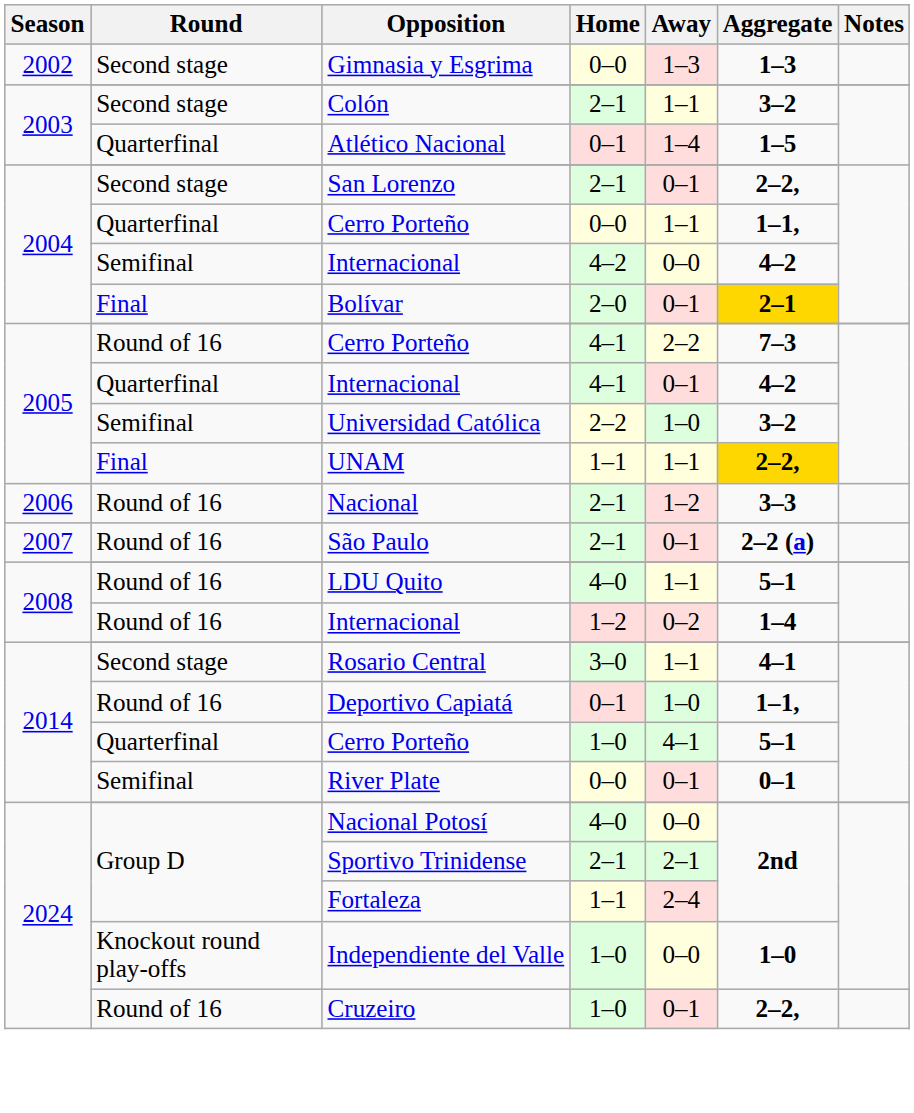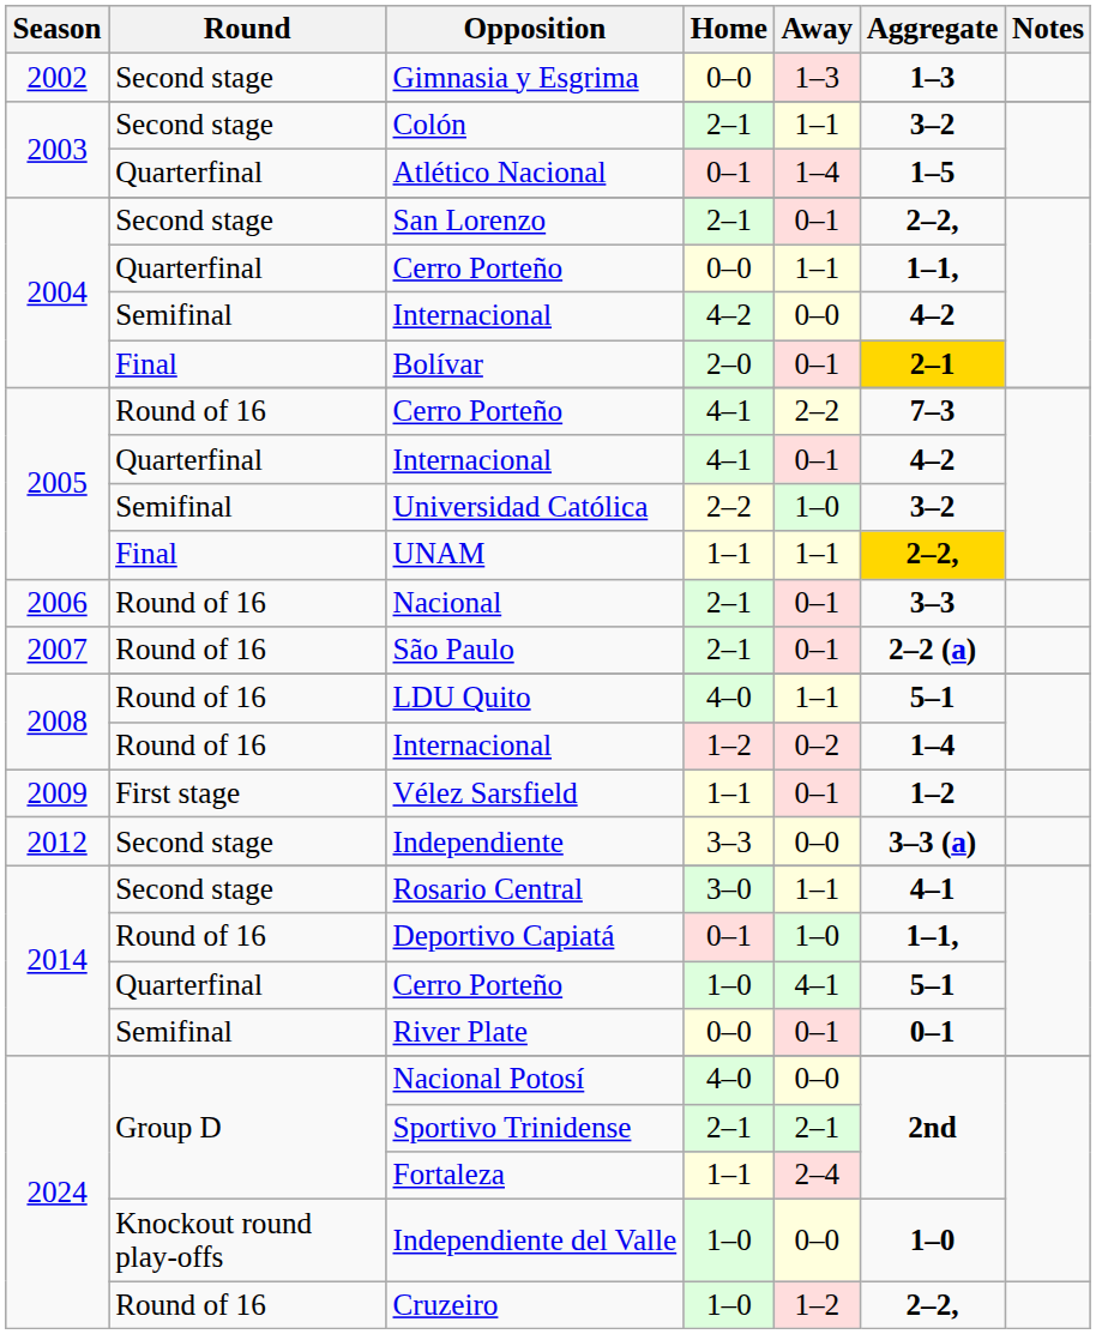 <table class="wikitable sortable ">
 <tr>
 <th align=center>Season</th>
 <th width=140>Round</th>
 <th>Opposition</th>
 <th>Home</th>
 <th>Away</th>
 <th>Aggregate</th>
 <th>Notes</th>
 </tr>
 <tr>
 <td align=center><a href='#'>2002</a></td>
 <td>Second stage</td>
 <td> <a href='#'>Gimnasia y Esgrima</a></td>
 <td style="text-align:center; background:#ffd;">0–0</td>
 <td style="text-align:center; background:#fdd;">1–3</td>
 <td style="text-align:center;"><strong>1–3</strong></td>
 <td style="text-align:center;"></td>
 </tr>
 <tr>
 <td align=center rowspan=3><a href='#'>2003</a></td>
 </tr>
 <tr>
 <td>Second stage</td>
 <td> <a href='#'>Colón</a></td>
 <td style="text-align:center; background:#dfd;">2–1</td>
 <td style="text-align:center; background:#ffd;">1–1</td>
 <td style="text-align:center;"><strong>3–2</strong></td>
 <td rowspan=3 style="text-align:center;"></td>
 </tr>
 <tr>
 <td>Quarterfinal</td>
 <td> <a href='#'>Atlético Nacional</a></td>
 <td style="text-align:center; background:#fdd;">0–1</td>
 <td style="text-align:center; background:#fdd;">1–4</td>
 <td style="text-align:center;"><strong>1–5</strong></td>
 </tr>
 <tr>
 <td align=center rowspan=5><a href='#'>2004</a></td>
 </tr>
 <tr>
 <td>Second stage</td>
 <td> <a href='#'>San Lorenzo</a></td>
 <td style="text-align:center; background:#dfd;">2–1</td>
 <td style="text-align:center; background:#fdd;">0–1</td>
 <td style="text-align:center;"><strong>2–2, </strong></td>
 <td rowspan=4 style="text-align:center;"></td>
 </tr>
 <tr>
 <td>Quarterfinal</td>
 <td> <a href='#'>Cerro Porteño</a></td>
 <td style="text-align:center; background:#ffd;">0–0</td>
 <td style="text-align:center; background:#ffd;">1–1</td>
 <td style="text-align:center;"><strong>1–1, </strong></td>
 </tr>
 <tr>
 <td>Semifinal</td>
 <td> <a href='#'>Internacional</a></td>
 <td style="text-align:center; background:#dfd;">4–2</td>
 <td style="text-align:center; background:#ffd;">0–0</td>
 <td style="text-align:center;"><strong>4–2</strong></td>
 </tr>
 <tr>
 <td><a href='#'>Final</a></td>
 <td> <a href='#'>Bolívar</a></td>
 <td style="text-align:center; background:#dfd;">2–0</td>
 <td style="text-align:center; background:#fdd;">0–1</td>
 <td style="text-align:center;" bgcolor="gold"><strong>2–1</strong></td>
 </tr>
 <tr>
 <td align=center rowspan=5><a href='#'>2005</a></td>
 </tr>
 <tr>
 <td>Round of 16</td>
 <td> <a href='#'>Cerro Porteño</a></td>
 <td style="text-align:center; background:#dfd;">4–1</td>
 <td style="text-align:center; background:#ffd;">2–2</td>
 <td style="text-align:center;"><strong>7–3</strong></td>
 <td rowspan=4 style="text-align:center;"></td>
 </tr>
 <tr>
 <td>Quarterfinal</td>
 <td> <a href='#'>Internacional</a></td>
 <td style="text-align:center; background:#dfd;">4–1</td>
 <td style="text-align:center; background:#fdd;">0–1</td>
 <td style="text-align:center;"><strong>4–2</strong></td>
 </tr>
 <tr>
 <td>Semifinal</td>
 <td> <a href='#'>Universidad Católica</a></td>
 <td style="text-align:center; background:#ffd;">2–2</td>
 <td style="text-align:center; background:#dfd;">1–0</td>
 <td style="text-align:center;"><strong>3–2</strong></td>
 </tr>
 <tr>
 <td><a href='#'>Final</a></td>
 <td> <a href='#'>UNAM</a></td>
 <td style="text-align:center; background:#ffd;">1–1</td>
 <td style="text-align:center; background:#ffd;">1–1</td>
 <td style="text-align:center;" bgcolor="gold"><strong>2–2, </strong></td>
 </tr>
 <tr>
 <td align=center><a href='#'>2006</a></td>
 <td>Round of 16</td>
 <td> <a href='#'>Nacional</a></td>
 <td style="text-align:center; background:#dfd;">2–1</td>
-<td style="text-align:center; background:#fdd;">1–2</td>
+<td style="text-align:center; background:#fdd;">0–1</td>
 <td style="text-align:center;"><strong>3–3 </strong></td>
 <td style="text-align:center;"></td>
 </tr>
 <tr>
 <td align=center><a href='#'>2007</a></td>
 <td>Round of 16</td>
 <td> <a href='#'>São Paulo</a></td>
 <td style="text-align:center; background:#dfd;">2–1</td>
 <td style="text-align:center; background:#fdd;">0–1</td>
 <td style="text-align:center;"><strong>2–2 (<a href='#'>a</a>)</strong></td>
 <td style="text-align:center;"></td>
 </tr>
 <tr>
 <td align=center rowspan=3><a href='#'>2008</a></td>
 </tr>
 <tr>
 <td>Round of 16</td>
 <td> <a href='#'>LDU Quito</a></td>
 <td style="text-align:center; background:#dfd;">4–0</td>
 <td style="text-align:center; background:#ffd;">1–1</td>
 <td style="text-align:center;"><strong>5–1</strong></td>
 <td rowspan=2 style="text-align:center;"></td>
 </tr>
 <tr>
 <td>Round of 16</td>
 <td> <a href='#'>Internacional</a></td>
 <td style="text-align:center; background:#fdd;">1–2</td>
 <td style="text-align:center; background:#fdd;">0–2</td>
 <td style="text-align:center;"><strong>1–4</strong></td>
+</tr>
+<tr>
+<td align=center><a href='#'>2009</a></td>
+<td>First stage</td>
+<td> <a href='#'>Vélez Sarsfield</a></td>
+<td style="text-align:center; background:#ffd;">1–1</td>
+<td style="text-align:center; background:#fdd;">0–1</td>
+<td style="text-align:center;"><strong>1–2</strong></td>
+<td style="text-align:center;"></td>
+</tr>
+<tr>
+<td align=center><a href='#'>2012</a></td>
+<td>Second stage</td>
+<td> <a href='#'>Independiente</a></td>
+<td style="text-align:center; background:#ffd;">3–3</td>
+<td style="text-align:center; background:#ffd;">0–0</td>
+<td style="text-align:center;"><strong>3–3 (<a href='#'>a</a>)</strong></td>
+<td style="text-align:center;"></td>
 </tr>
 <tr>
 <td align=center rowspan=5><a href='#'>2014</a></td>
 </tr>
 <tr>
 <td>Second stage</td>
 <td> <a href='#'>Rosario Central</a></td>
 <td style="text-align:center; background:#dfd;">3–0</td>
 <td style="text-align:center; background:#ffd;">1–1</td>
 <td style="text-align:center;"><strong>4–1</strong></td>
 <td rowspan=4 style="text-align:center;"></td>
 </tr>
 <tr>
 <td>Round of 16</td>
 <td> <a href='#'>Deportivo Capiatá</a></td>
 <td style="text-align:center; background:#fdd;">0–1</td>
 <td style="text-align:center; background:#dfd;">1–0</td>
 <td style="text-align:center;"><strong>1–1, </strong></td>
 </tr>
 <tr>
 <td>Quarterfinal</td>
 <td> <a href='#'>Cerro Porteño</a></td>
 <td style="text-align:center; background:#dfd;">1–0</td>
 <td style="text-align:center; background:#dfd;">4–1</td>
 <td style="text-align:center;"><strong>5–1</strong></td>
 </tr>
 <tr>
 <td>Semifinal</td>
 <td> <a href='#'>River Plate</a></td>
 <td style="text-align:center; background:#ffd;">0–0</td>
 <td style="text-align:center; background:#fdd;">0–1</td>
 <td style="text-align:center;"><strong>0–1</strong></td>
 </tr>
 <tr>
 <td align=center rowspan=6><a href='#'>2024</a></td>
 </tr>
 <tr>
 <td rowspan=3>Group D</td>
 <td> <a href='#'>Nacional Potosí</a></td>
 <td style="text-align:center; background:#dfd;">4–0</td>
 <td style="text-align:center; background:#ffd;">0–0</td>
 <td rowspan=3 style="text-align:center;"><strong>2nd</strong></td>
 <td rowspan=4 style="text-align:center;"></td>
 </tr>
 <tr>
 <td> <a href='#'>Sportivo Trinidense</a></td>
 <td style="text-align:center; background:#dfd;">2–1</td>
 <td style="text-align:center; background:#dfd;">2–1</td>
 </tr>
 <tr>
 <td> <a href='#'>Fortaleza</a></td>
 <td style="text-align:center; background:#ffd;">1–1</td>
 <td style="text-align:center; background:#fdd;">2–4</td>
 </tr>
 <tr>
 <td>Knockout round play-offs</td>
 <td> <a href='#'>Independiente del Valle</a></td>
 <td style="text-align:center; background:#dfd;">1–0</td>
 <td style="text-align:center; background:#ffd;">0–0</td>
 <td style="text-align:center;"><strong>1–0</strong></td>
 </tr>
 <tr>
 <td>Round of 16</td>
 <td> <a href='#'>Cruzeiro</a></td>
 <td style="text-align:center; background:#dfd;">1–0</td>
-<td style="text-align:center; background:#fdd;">0–1</td>
+<td style="text-align:center; background:#fdd;">1–2</td>
 <td style="text-align:center;"><strong>2–2, </strong></td>
 </tr>
 </table>
